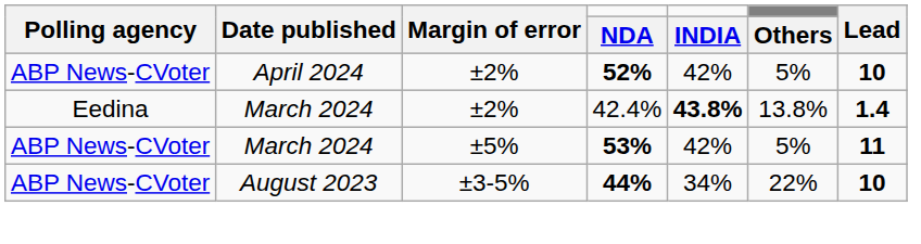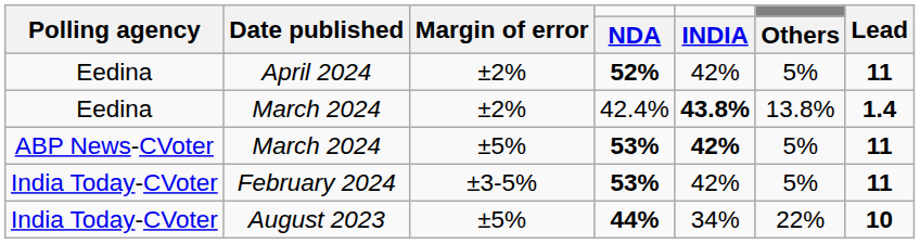 <table class="wikitable sortable" style="text-align:center;font-size:95%;line-height:16px">
 <tr>
 <th rowspan="2">Polling agency</th>
 <th rowspan="2">Date published</th>
 <th rowspan="2">Margin of error</th>
 <td></td>
 <td></td>
 <td bgcolor="grey"></td>
 <th rowspan="2">Lead</th>
 </tr>
 <tr>
 <th><a href='#'>NDA</a></th>
 <th><a href='#'>INDIA</a></th>
 <th>Others</th>
 </tr>
 <tr>
-<td><a href='#'>ABP News</a>-<a href='#'>CVoter</a></td>
+<td>Eedina</td>
 <td><em>April 2024</em></td>
 <td>±2%</td>
 <td bgcolor=><strong>52%</strong></td>
 <td>42%</td>
 <td>5%</td>
-<td bgcolor=><strong>10</strong></td>
+<td bgcolor=><strong>11</strong></td>
 </tr>
 <tr>
 <td>Eedina</td>
 <td><em>March 2024</em></td>
 <td>±2%</td>
 <td>42.4%</td>
 <td bgcolor=><strong>43.8%</strong></td>
 <td>13.8%</td>
 <td bgcolor=><strong>1.4</strong></td>
 </tr>
 <tr>
 <td><a href='#'>ABP News</a>-<a href='#'>CVoter</a></td>
 <td><em>March 2024</em></td>
 <td>±5%</td>
 <td bgcolor=><strong>53%</strong></td>
-<td>42%</td>
+<td><strong>42%</strong></td>
 <td>5%</td>
 <td bgcolor=><strong>11</strong></td>
 </tr>
 <tr>
-<td><a href='#'>ABP News</a>-<a href='#'>CVoter</a></td>
+<td><a href='#'>India Today</a>-<a href='#'>CVoter</a></td>
+<td><em>February 2024</em></td>
+<td>±3-5%</td>
+<td><strong>53%</strong></td>
+<td>42%</td>
+<td>5%</td>
+<td><strong>11</strong></td>
+</tr>
+<tr>
+<td><a href='#'>India Today</a>-<a href='#'>CVoter</a></td>
 <td><em>August 2023</em></td>
-<td>±3-5%</td>
+<td>±5%</td>
 <td><strong>44%</strong></td>
 <td>34%</td>
 <td>22%</td>
 <td><strong>10</strong></td>
 </tr>
 </table>
